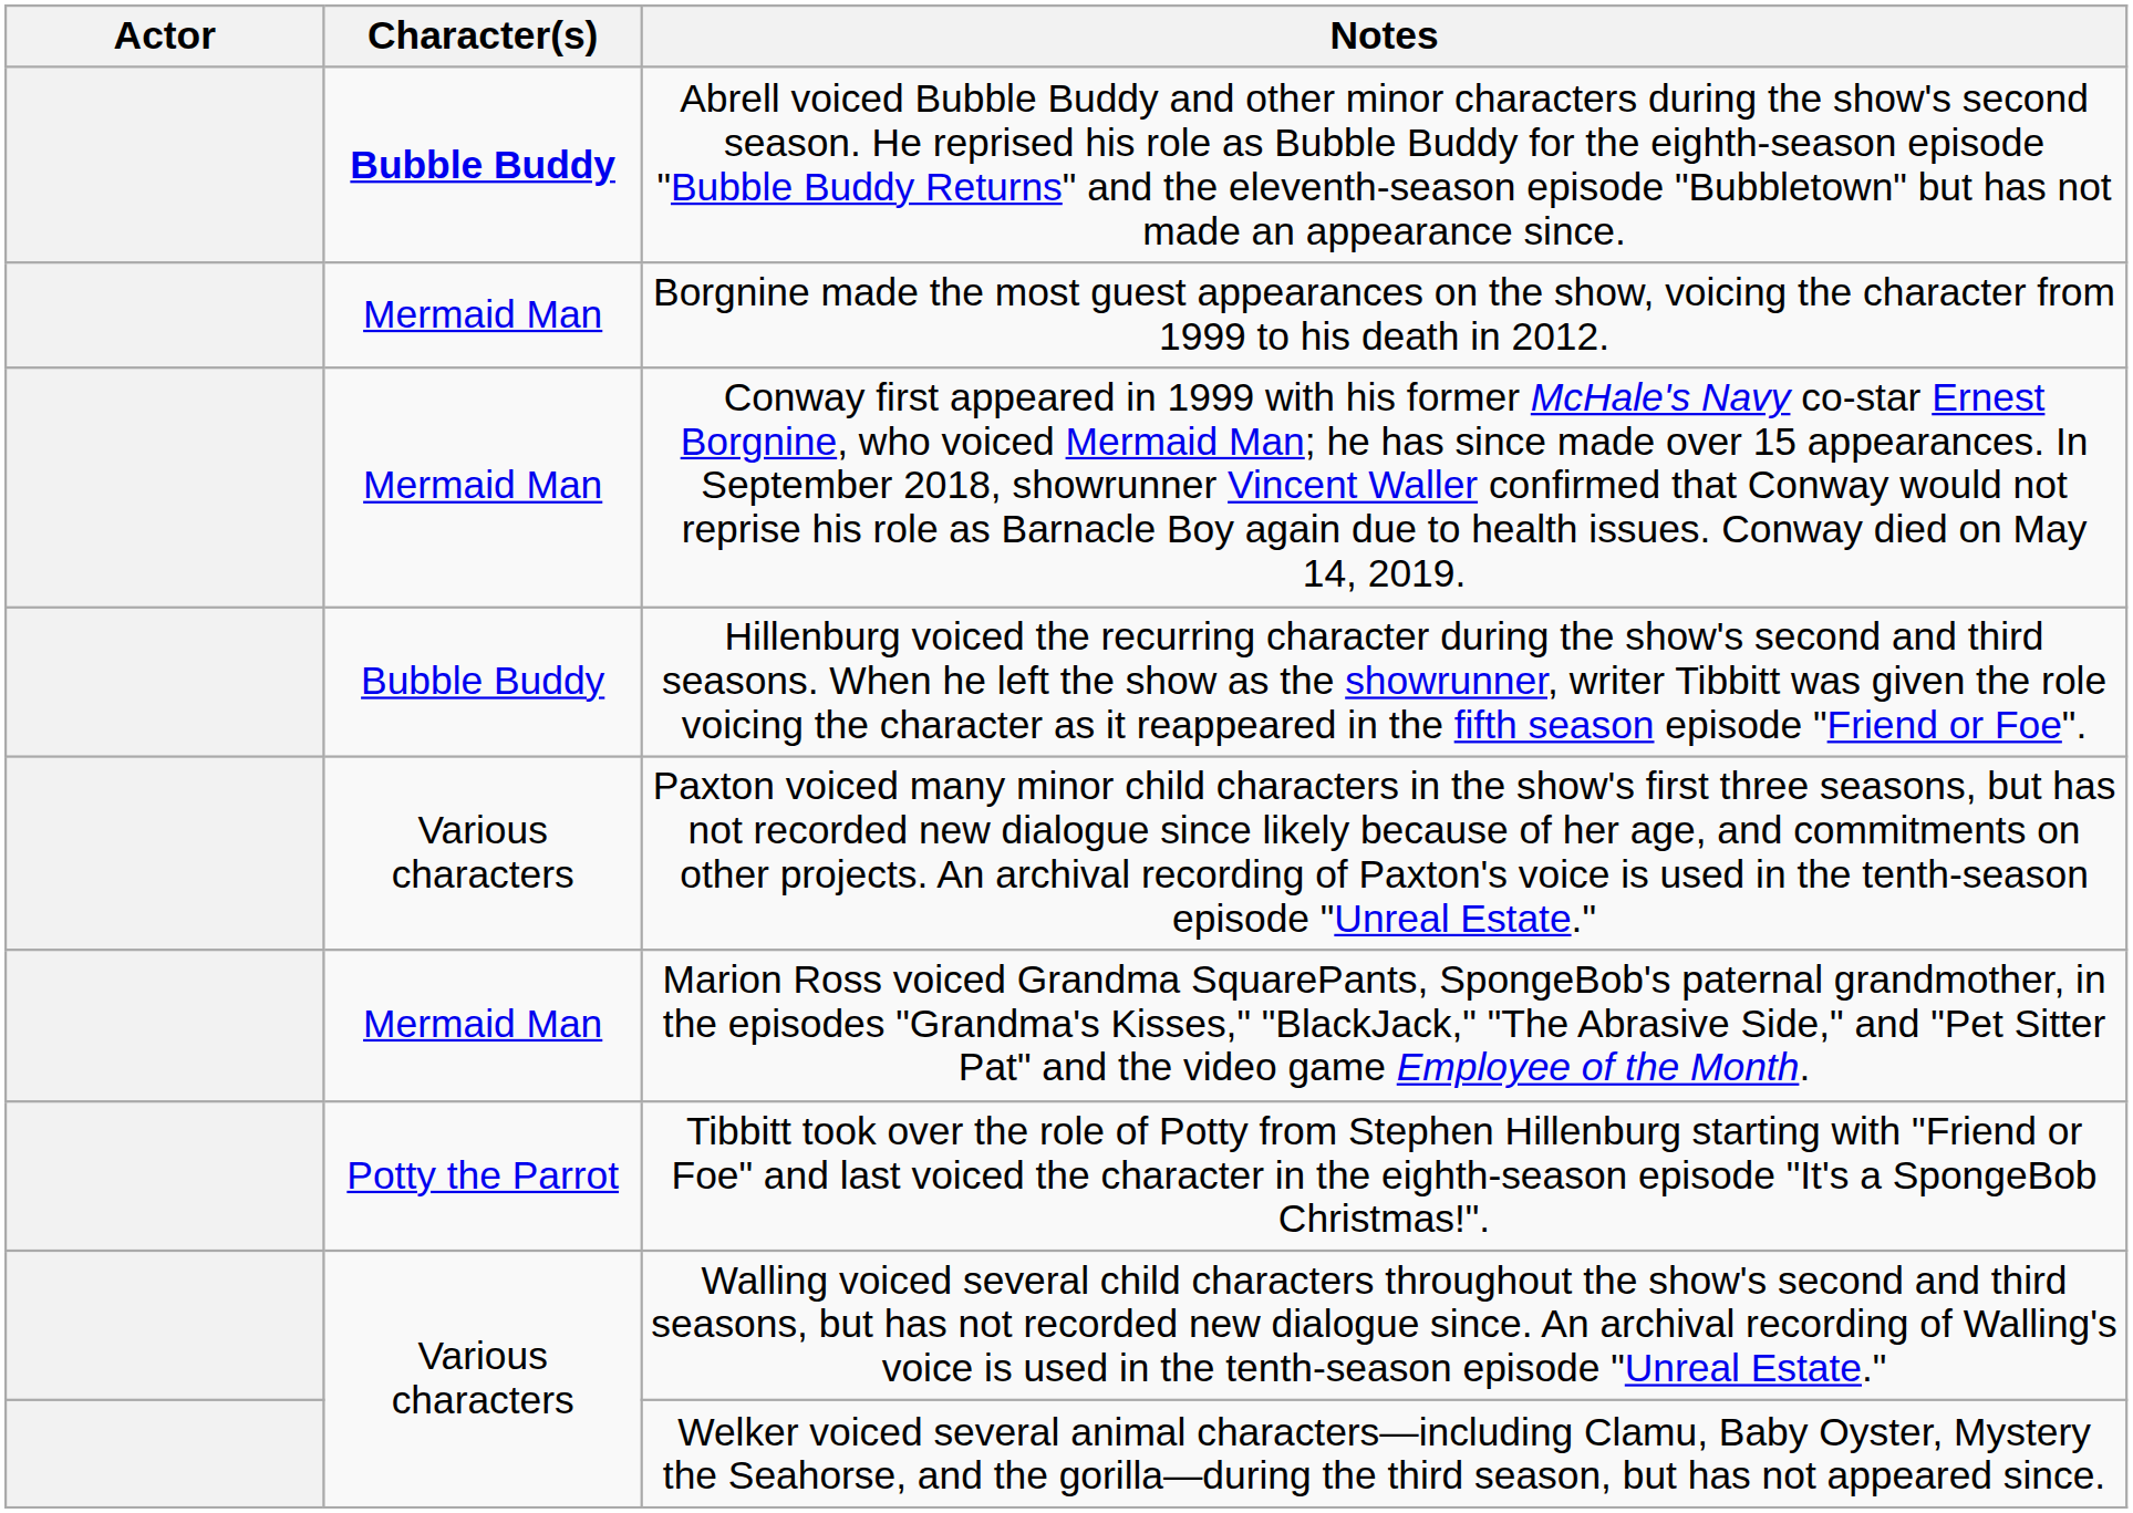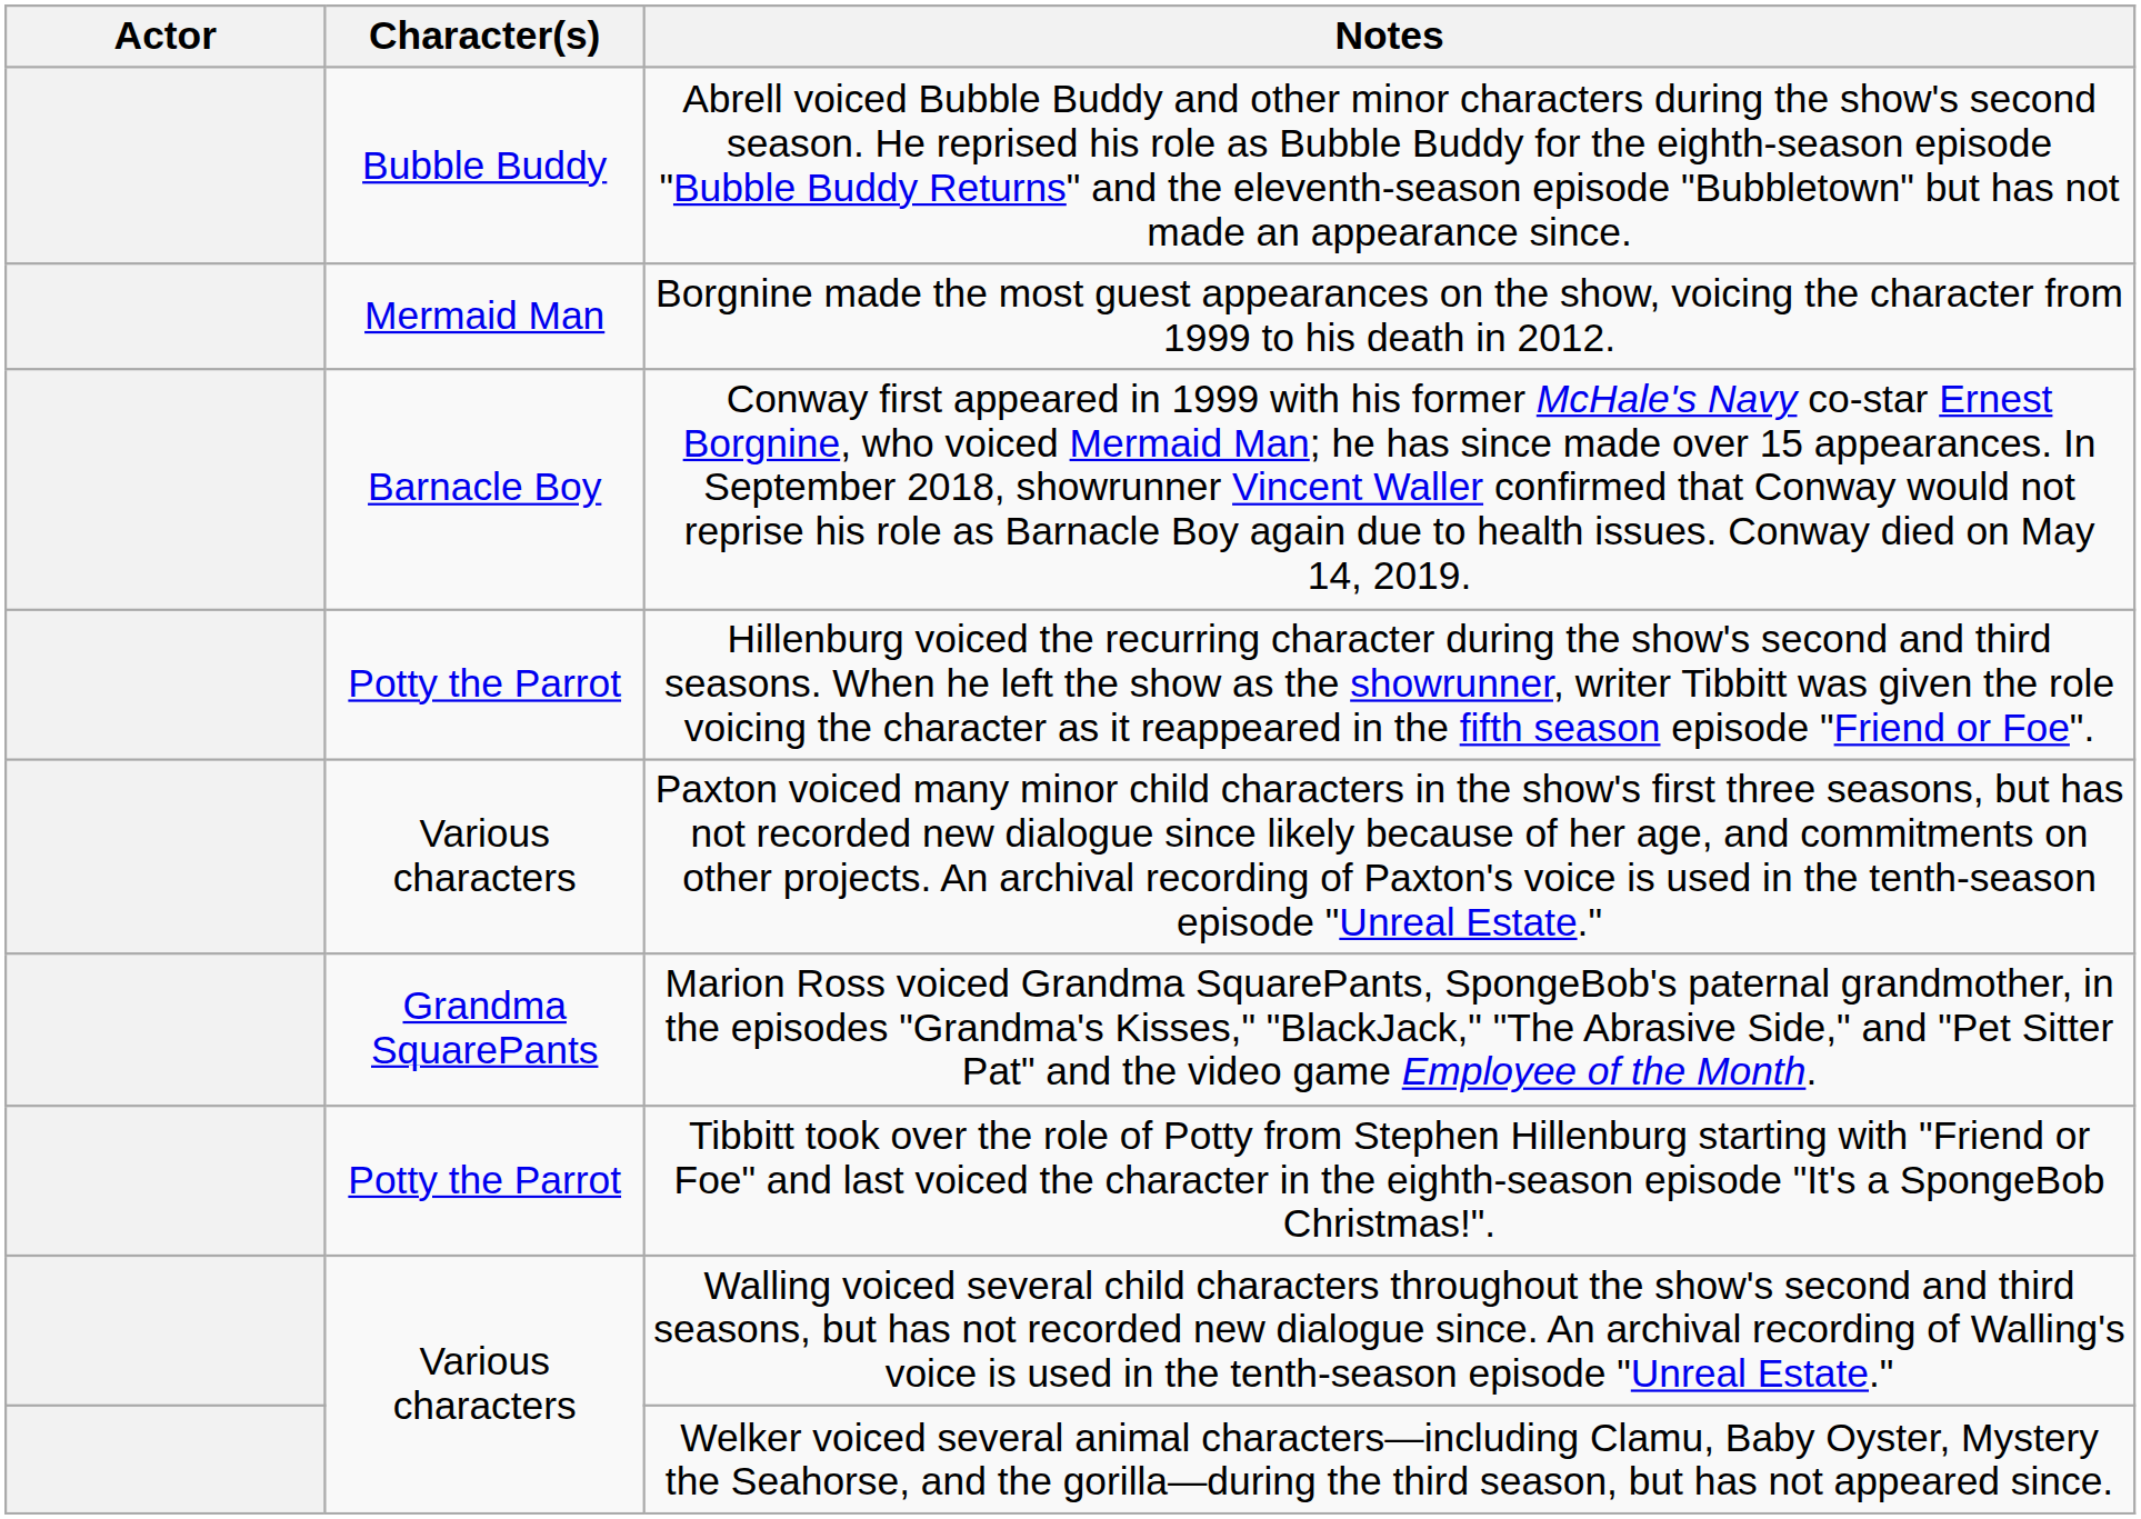 <table class="wikitable plainrowheaders" style="text-align:center">
 <tr>
 <th scope="col" style="width:15%;">Actor</th>
 <th scope="col" style="width:15%;">Character(s)</th>
 <th scope="col" style="width:70%;">Notes</th>
 </tr>
 <tr>
 <th scope="row"></th>
-<td><strong><a href='#'>Bubble Buddy</a></strong></td>
+<td><a href='#'>Bubble Buddy</a></td>
 <td>Abrell voiced Bubble Buddy and other minor characters during the show's second season. He reprised his role as Bubble Buddy for the eighth-season episode "<a href='#'>Bubble Buddy Returns</a>" and the eleventh-season episode "Bubbletown" but has not made an appearance since.</td>
 </tr>
 <tr>
 <th scope="row"></th>
 <td><a href='#'>Mermaid Man</a></td>
 <td>Borgnine made the most guest appearances on the show, voicing the character from 1999 to his death in 2012.</td>
 </tr>
 <tr>
 <th scope="row"></th>
-<td><a href='#'>Mermaid Man</a></td>
+<td><a href='#'>Barnacle Boy</a></td>
 <td>Conway first appeared in 1999 with his former <em><a href='#'>McHale's Navy</a></em> co-star <a href='#'>Ernest Borgnine</a>, who voiced <a href='#'>Mermaid Man</a>; he has since made over 15 appearances. In September 2018, showrunner <a href='#'>Vincent Waller</a> confirmed that Conway would not reprise his role as Barnacle Boy again due to health issues. Conway died on May 14, 2019.</td>
 </tr>
 <tr>
 <th scope="row"></th>
-<td><a href='#'>Bubble Buddy</a></td>
+<td><a href='#'>Potty the Parrot</a></td>
 <td>Hillenburg voiced the recurring character during the show's second and third seasons. When he left the show as the <a href='#'>showrunner</a>, writer Tibbitt was given the role voicing the character as it reappeared in the <a href='#'>fifth season</a> episode "<a href='#'>Friend or Foe</a>".</td>
 </tr>
 <tr>
 <th scope="row"></th>
 <td>Various characters</td>
 <td>Paxton voiced many minor child characters in the show's first three seasons, but has not recorded new dialogue since likely because of her age, and commitments on other projects. An archival recording of Paxton's voice is used in the tenth-season episode "<a href='#'>Unreal Estate</a>."</td>
 </tr>
 <tr>
 <th scope="row"></th>
-<td><a href='#'>Mermaid Man</a></td>
+<td><a href='#'>Grandma SquarePants</a></td>
 <td>Marion Ross voiced Grandma SquarePants, SpongeBob's paternal grandmother, in the episodes "Grandma's Kisses," "BlackJack," "The Abrasive Side," and "Pet Sitter Pat" and the video game <em><a href='#'>Employee of the Month</a></em>.</td>
 </tr>
 <tr>
 <th scope="row"></th>
 <td><a href='#'>Potty the Parrot</a></td>
 <td>Tibbitt took over the role of Potty from Stephen Hillenburg starting with "Friend or Foe" and last voiced the character in the eighth-season episode "It's a SpongeBob Christmas!".</td>
 </tr>
 <tr>
 <th scope="row"></th>
 <td rowspan="2">Various characters</td>
 <td>Walling voiced several child characters throughout the show's second and third seasons, but has not recorded new dialogue since. An archival recording of Walling's voice is used in the tenth-season episode "<a href='#'>Unreal Estate</a>."</td>
 </tr>
 <tr>
 <th scope="row"></th>
 <td>Welker voiced several animal characters—including Clamu, Baby Oyster, Mystery the Seahorse, and the gorilla—during the third season, but has not appeared since.</td>
 </tr>
 </table>
